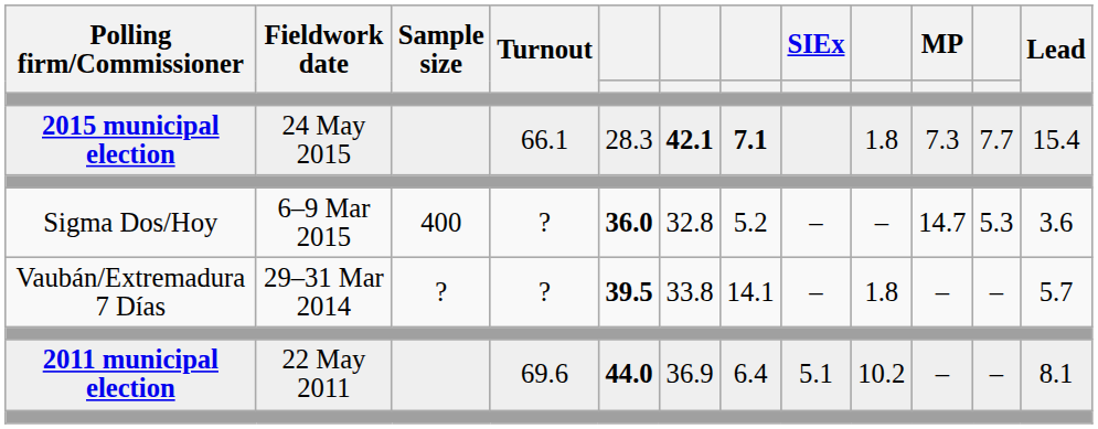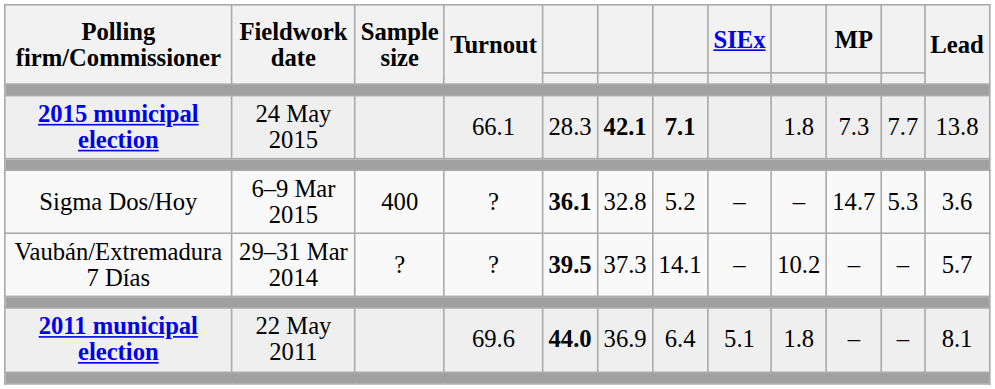 <table class="wikitable collapsible collapsed" style="text-align:center; font-size:95%; line-height:16px;">
 <tr style="height:42px;">
 <th style="width:250px;" rowspan="2">Polling firm/Commissioner</th>
 <th style="width:125px;" rowspan="2">Fieldwork date</th>
 <th style="width:50px;" rowspan="2">Sample size</th>
 <th style="width:45px;" rowspan="2">Turnout</th>
 <th style="width:35px;"></th>
 <th style="width:35px;"></th>
 <th style="width:35px;"></th>
 <th style="width:35px;"><a href='#'>SIEx</a></th>
 <th style="width:35px;"></th>
 <th style="width:35px;">MP</th>
 <th style="width:35px;"></th>
 <th style="width:30px;" rowspan="2">Lead</th>
 </tr>
 <tr>
 <th style="color:inherit;background:"></th>
 <th style="color:inherit;background:"></th>
 <th style="color:inherit;background:"></th>
 <th style="color:inherit;background:"></th>
 <th style="color:inherit;background:"></th>
 <th style="color:inherit;background:"></th>
 <th style="color:inherit;background:"></th>
 </tr>
 <tr>
 <td colspan="12" style="background:#A0A0A0"></td>
 </tr>
 <tr style="background:#EFEFEF;">
 <td><strong><a href='#'>2015 municipal election</a></strong></td>
 <td>24 May 2015</td>
 <td></td>
 <td>66.1</td>
 <td>28.3<br></td>
 <td><strong>42.1</strong><br></td>
 <td><strong>7.1<br></strong></td>
 <td></td>
 <td>1.8<br></td>
 <td>7.3<br></td>
 <td>7.7<br></td>
-<td style="background:">15.4</td>
+<td style="background:">13.8</td>
 </tr>
 <tr>
 <td colspan="12" style="background:#A0A0A0"></td>
 </tr>
 <tr>
 <td>Sigma Dos/Hoy</td>
 <td>6–9 Mar 2015</td>
 <td>400</td>
 <td>?</td>
-<td><strong>36.0</strong><br></td>
+<td><strong>36.1</strong><br></td>
 <td>32.8<br></td>
 <td>5.2<br></td>
 <td>–</td>
 <td>–</td>
 <td>14.7<br></td>
 <td>5.3<br></td>
 <td style="background:">3.6</td>
 </tr>
 <tr>
 <td>Vaubán/Extremadura 7 Días</td>
 <td>29–31 Mar 2014</td>
 <td>?</td>
 <td>?</td>
 <td><strong>39.5</strong></td>
-<td>33.8</td>
+<td>37.3</td>
 <td>14.1</td>
 <td>–</td>
-<td>1.8<br></td>
+<td>10.2</td>
 <td>–</td>
 <td>–</td>
 <td style="background:">5.7</td>
 </tr>
 <tr>
 <td colspan="12" style="background:#A0A0A0"></td>
 </tr>
 <tr style="background:#EFEFEF;">
 <td><strong><a href='#'>2011 municipal election</a></strong></td>
 <td>22 May 2011</td>
 <td></td>
 <td>69.6</td>
 <td><strong>44.0</strong><br></td>
 <td>36.9<br></td>
 <td>6.4<br></td>
 <td>5.1<br></td>
-<td>10.2</td>
+<td>1.8<br></td>
 <td>–</td>
 <td>–</td>
 <td style="background:">8.1</td>
 </tr>
 <tr>
 <td colspan="12" style="background:#A0A0A0"></td>
 </tr>
 </table>
